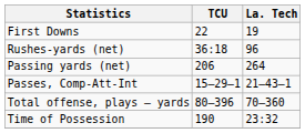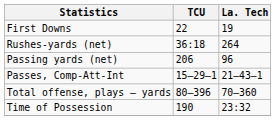 <table class="wikitable">
 <tr>
 <th>Statistics</th>
 <th>TCU</th>
 <th>La. Tech</th>
 </tr>
 <tr>
 <td>First Downs</td>
 <td>22</td>
 <td>19</td>
 </tr>
 <tr>
 <td>Rushes-yards (net)</td>
 <td>36:18</td>
-<td>96</td>
+<td>264</td>
 </tr>
 <tr>
 <td>Passing yards (net)</td>
 <td>206</td>
-<td>264</td>
+<td>96</td>
 </tr>
 <tr>
 <td>Passes, Comp-Att-Int</td>
 <td>15–29–1</td>
 <td>21–43–1</td>
 </tr>
 <tr>
 <td>Total offense, plays – yards</td>
 <td>80–396</td>
 <td>70–360</td>
 </tr>
 <tr>
 <td>Time of Possession</td>
 <td>190</td>
 <td>23:32</td>
 </tr>
 <tr>
 </tr>
 </table>
